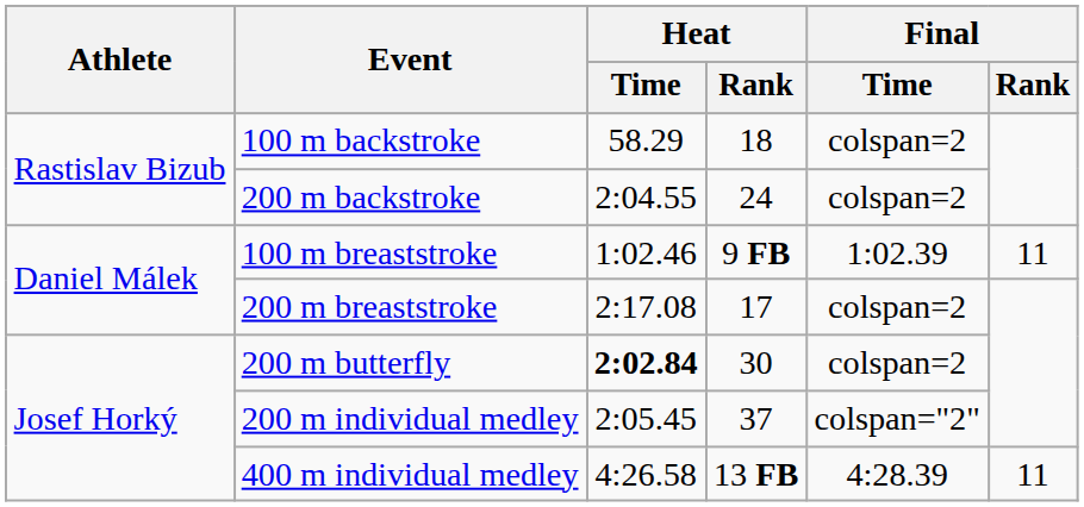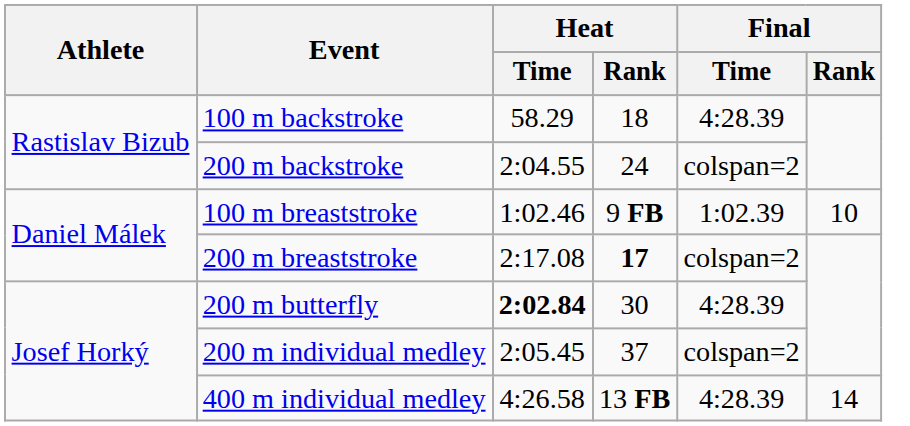 <table class="wikitable" style="font-size:90%;">
 <tr>
 <th rowspan=2>Athlete</th>
 <th rowspan=2>Event</th>
 <th colspan=2>Heat</th>
 <th colspan=2>Final</th>
 </tr>
 <tr style="font-size:95%">
 <th>Time</th>
 <th>Rank</th>
 <th>Time</th>
 <th>Rank</th>
 </tr>
 <tr align="center">
 <td align="left" rowspan=2><a href='#'>Rastislav Bizub</a></td>
 <td align="left"><a href='#'>100 m backstroke</a></td>
 <td>58.29</td>
 <td>18</td>
-<td>colspan=2 </td>
+<td>4:28.39</td>
 </tr>
 <tr align="center">
 <td align="left"><a href='#'>200 m backstroke</a></td>
 <td>2:04.55</td>
 <td>24</td>
 <td>colspan=2 </td>
 </tr>
 <tr align="center">
 <td align="left" rowspan=2><a href='#'>Daniel Málek</a></td>
 <td align="left"><a href='#'>100 m breaststroke</a></td>
 <td>1:02.46</td>
 <td>9 <strong>FB</strong></td>
 <td>1:02.39 <strong></strong></td>
-<td>11</td>
+<td>10</td>
 </tr>
 <tr align="center">
 <td align="left"><a href='#'>200 m breaststroke</a></td>
 <td>2:17.08</td>
-<td>17</td>
+<td><strong>17</strong></td>
 <td>colspan=2 </td>
 </tr>
 <tr align="center">
 <td align="left" rowspan=3><a href='#'>Josef Horký</a></td>
 <td align="left"><a href='#'>200 m butterfly</a></td>
 <td><strong>2:02.84</strong></td>
 <td>30</td>
-<td>colspan=2 </td>
+<td>4:28.39</td>
 </tr>
 <tr align="center">
 <td align="left"><a href='#'>200 m individual medley</a></td>
 <td>2:05.45</td>
 <td>37</td>
-<td>colspan="2" </td>
+<td>colspan=2 </td>
 </tr>
 <tr align="center">
 <td align="left"><a href='#'>400 m individual medley</a></td>
 <td>4:26.58 <strong></strong></td>
 <td>13 <strong>FB</strong></td>
 <td>4:28.39</td>
-<td>11</td>
+<td>14</td>
 </tr>
 </table>
